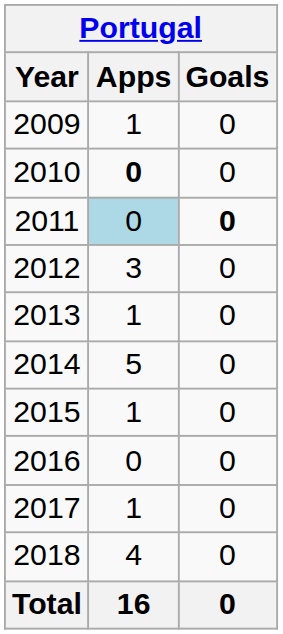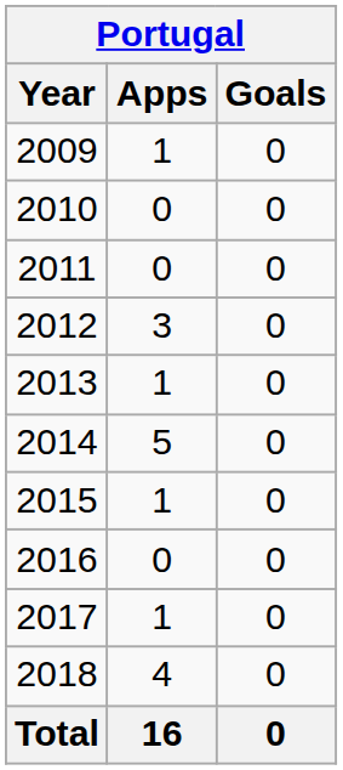 <table class="wikitable" style="text-align:center">
 <tr>
 <th colspan=3><a href='#'>Portugal</a></th>
 </tr>
 <tr>
 <th>Year</th>
 <th>Apps</th>
 <th>Goals</th>
 </tr>
 <tr>
 <td>2009</td>
 <td>1</td>
 <td>0</td>
 </tr>
 <tr>
 <td>2010</td>
-<td><strong>0</strong></td>
+<td>0</td>
 <td>0</td>
 </tr>
 <tr>
 <td>2011</td>
-<td style="background: lightblue;">0</td>
-<td><strong>0</strong></td>
+<td>0</td>
+<td>0</td>
 </tr>
 <tr>
 <td>2012</td>
 <td>3</td>
 <td>0</td>
 </tr>
 <tr>
 <td>2013</td>
 <td>1</td>
 <td>0</td>
 </tr>
 <tr>
 <td>2014</td>
 <td>5</td>
 <td>0</td>
 </tr>
 <tr>
 <td>2015</td>
 <td>1</td>
 <td>0</td>
 </tr>
 <tr>
 <td>2016</td>
 <td>0</td>
 <td>0</td>
 </tr>
 <tr>
 <td>2017</td>
 <td>1</td>
 <td>0</td>
 </tr>
 <tr>
 <td>2018</td>
 <td>4</td>
 <td>0</td>
 </tr>
 <tr>
 <th>Total</th>
 <th>16</th>
 <th>0</th>
 </tr>
 </table>
